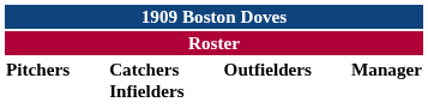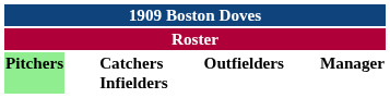 <table class="toccolours" style="font-size: 95%;">
 <tr>
 <th colspan="10" style="background-color: #0f437c; color: white; text-align: center;">1909 Boston Doves</th>
 </tr>
 <tr>
 <td colspan="10" style="background-color: #af0039; color: white; text-align: center;"><strong>Roster</strong></td>
 </tr>
 <tr>
-<td valign="top"><strong>Pitchers</strong><br>              </td>
+<td valign="top" style="background: lightgreen;"><strong>Pitchers</strong><br>              </td>
 <td width="25px"></td>
 <td valign="top"><strong>Catchers</strong><br>     <strong>Infielders</strong>          </td>
 <td width="25px"></td>
 <td valign="top"><strong>Outfielders</strong><br>       </td>
 <td width="25px"></td>
 <td valign="top"><strong>Manager</strong><br> </td>
 </tr>
 </table>
